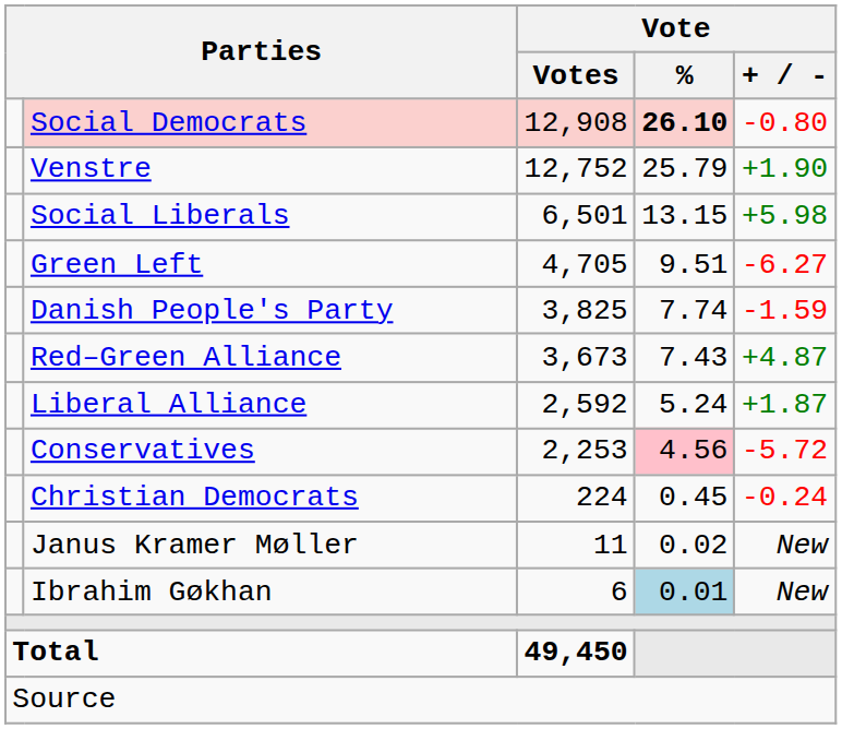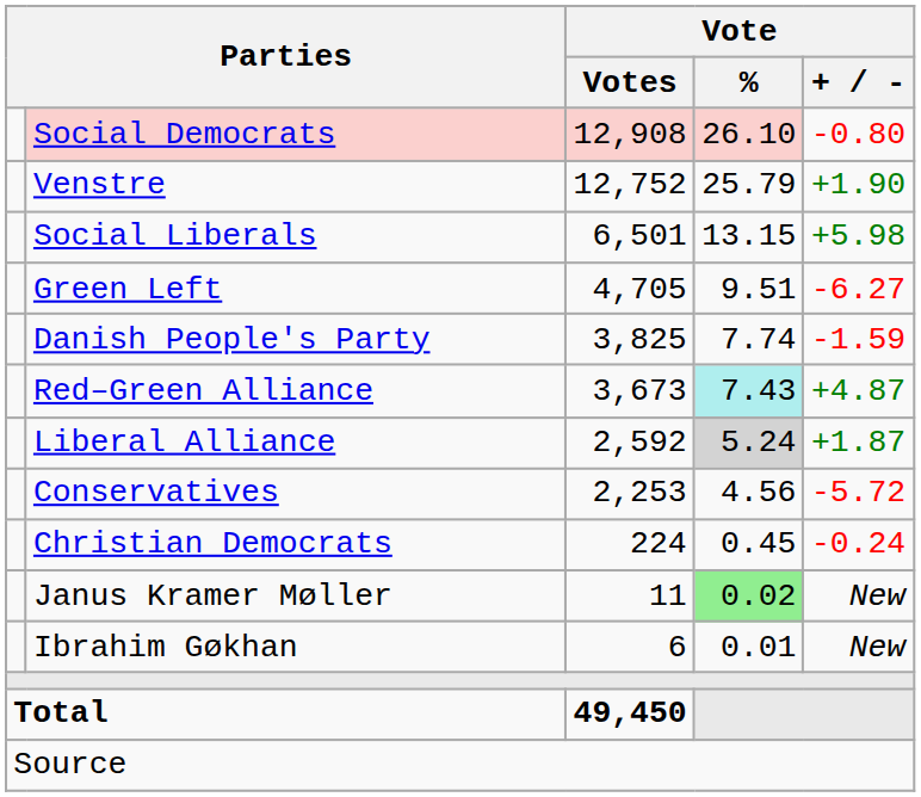 <table class="wikitable" style="text-align:right;">
 <tr>
 <th style="text-align:centre;" rowspan="2" colspan="2" width="225">Parties</th>
 <th colspan="3">Vote</th>
 </tr>
 <tr>
 <th width="15">Votes</th>
 <th width="15">%</th>
 <th width="15">+ / -</th>
 </tr>
 <tr>
 <td width="2" style="color:inherit;background:"></td>
 <td bgcolor=#fbd0ce  align="left"><a href='#'>Social Democrats</a></td>
 <td bgcolor=#fbd0ce>12,908</td>
-<td bgcolor=#fbd0ce><strong>26.10</strong></td>
+<td bgcolor=#fbd0ce>26.10</td>
 <td style=color:red;>-0.80</td>
 </tr>
 <tr>
 <td width="2" style="color:inherit;background:"></td>
 <td align="left"><a href='#'>Venstre</a></td>
 <td>12,752</td>
 <td>25.79</td>
 <td style=color:green;>+1.90</td>
 </tr>
 <tr>
 <td width="2" style="color:inherit;background:"></td>
 <td align="left"><a href='#'>Social Liberals</a></td>
 <td>6,501</td>
 <td>13.15</td>
 <td style=color:green;>+5.98</td>
 </tr>
 <tr>
 <td width="2" style="color:inherit;background:"></td>
 <td align="left"><a href='#'>Green Left</a></td>
 <td>4,705</td>
 <td>9.51</td>
 <td style=color:red;>-6.27</td>
 </tr>
 <tr>
 <td width="2" style="color:inherit;background:"></td>
 <td align="left"><a href='#'>Danish People's Party</a></td>
 <td>3,825</td>
 <td>7.74</td>
 <td style=color:red;>-1.59</td>
 </tr>
 <tr>
 <td width="2" style="color:inherit;background:"></td>
 <td align="left"><a href='#'>Red–Green Alliance</a></td>
 <td>3,673</td>
-<td>7.43</td>
+<td style="background: paleturquoise;">7.43</td>
 <td style=color:green;>+4.87</td>
 </tr>
 <tr>
 <td width="2" style="color:inherit;background:"></td>
 <td align="left"><a href='#'>Liberal Alliance</a></td>
 <td>2,592</td>
-<td>5.24</td>
+<td style="background: lightgrey;">5.24</td>
 <td style=color:green;>+1.87</td>
 </tr>
 <tr>
 <td width="2" style="color:inherit;background:"></td>
 <td align="left"><a href='#'>Conservatives</a></td>
 <td>2,253</td>
-<td style="background: pink;">4.56</td>
+<td>4.56</td>
 <td style=color:red;>-5.72</td>
 </tr>
 <tr>
 <td width="2" style="color:inherit;background:"></td>
 <td align="left"><a href='#'>Christian Democrats</a></td>
 <td>224</td>
 <td>0.45</td>
 <td style=color:red;>-0.24</td>
 </tr>
 <tr>
 <td width="2" style="color:inherit;background:"></td>
 <td align="left">Janus Kramer Møller</td>
 <td>11</td>
-<td>0.02</td>
+<td style="background: lightgreen;">0.02</td>
 <td><em>New</em></td>
 </tr>
 <tr>
 <td width="2" style="color:inherit;background:"></td>
 <td align="left">Ibrahim Gøkhan</td>
 <td>6</td>
-<td style="background: lightblue;">0.01</td>
+<td>0.01</td>
 <td><em>New</em></td>
 </tr>
 <tr>
 <td colspan="7" bgcolor="#E9E9E9"></td>
 </tr>
 <tr>
 <td align="left" colspan="2"><strong>Total</strong></td>
 <td><strong>49,450</strong></td>
 <td bgcolor="#E9E9E9" colspan="2"></td>
 </tr>
 <tr>
 <td align="left" colspan="6">Source</td>
 </tr>
 </table>
